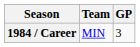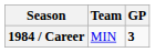 <table class="wikitable">
 <tr>
 <th>Season</th>
 <th>Team</th>
 <th>GP</th>
 </tr>
 <tr>
 <th>1984 / Career</th>
 <td><a href='#'>MIN</a></td>
-<td>3</td>
+<td><strong>3</strong></td>
 </tr>
 </table>
